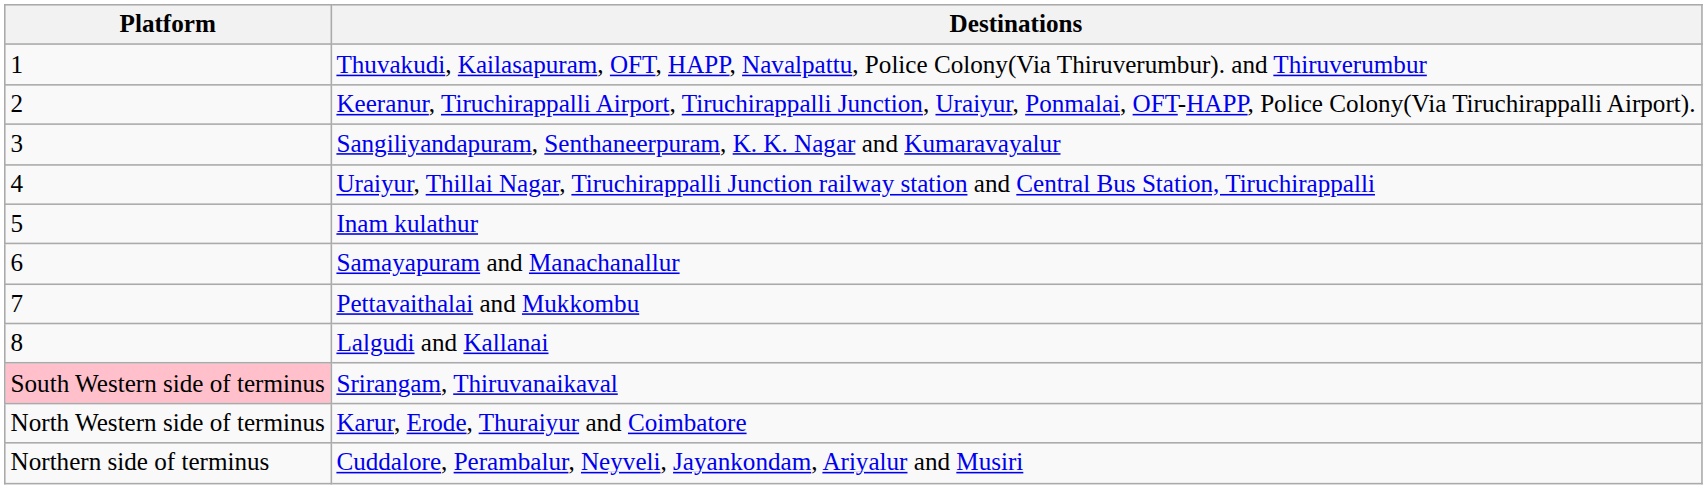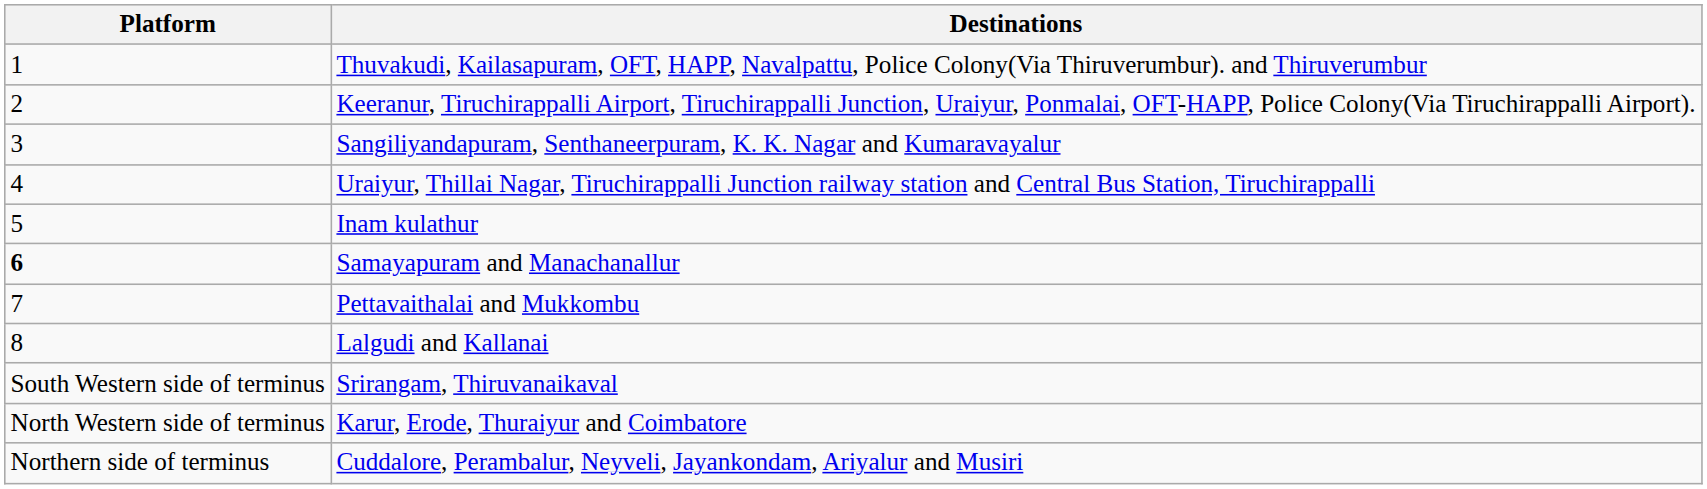 <table class ="wikitable">
 <tr>
 <th>Platform</th>
 <th>Destinations</th>
 </tr>
 <tr>
 <td>1</td>
 <td><a href='#'>Thuvakudi</a>, <a href='#'>Kailasapuram</a>, <a href='#'>OFT</a>, <a href='#'>HAPP</a>, <a href='#'>Navalpattu</a>, Police Colony(Via Thiruverumbur). and <a href='#'>Thiruverumbur</a></td>
 </tr>
 <tr>
 <td>2</td>
 <td><a href='#'>Keeranur</a>, <a href='#'>Tiruchirappalli Airport</a>, <a href='#'>Tiruchirappalli Junction</a>, <a href='#'>Uraiyur</a>, <a href='#'>Ponmalai</a>, <a href='#'>OFT</a>-<a href='#'>HAPP</a>, Police Colony(Via Tiruchirappalli Airport).</td>
 </tr>
 <tr>
 <td>3</td>
 <td><a href='#'>Sangiliyandapuram</a>, <a href='#'>Senthaneerpuram</a>, <a href='#'>K. K. Nagar</a> and <a href='#'>Kumaravayalur</a></td>
 </tr>
 <tr>
 <td>4</td>
 <td><a href='#'>Uraiyur</a>, <a href='#'>Thillai Nagar</a>, <a href='#'>Tiruchirappalli Junction railway station</a> and <a href='#'>Central Bus Station, Tiruchirappalli</a></td>
 </tr>
 <tr>
 <td>5</td>
 <td><a href='#'>Inam kulathur</a></td>
 </tr>
 <tr>
-<td>6</td>
+<td><strong>6</strong></td>
 <td><a href='#'>Samayapuram</a> and <a href='#'>Manachanallur</a></td>
 </tr>
 <tr>
 <td>7</td>
 <td><a href='#'>Pettavaithalai</a> and <a href='#'>Mukkombu</a></td>
 </tr>
 <tr>
 <td>8</td>
 <td><a href='#'>Lalgudi</a> and <a href='#'>Kallanai</a></td>
 </tr>
 <tr>
-<td style="background: pink;">South Western side of terminus</td>
+<td>South Western side of terminus</td>
 <td><a href='#'>Srirangam</a>, <a href='#'>Thiruvanaikaval</a></td>
 </tr>
 <tr>
 <td>North Western side of terminus</td>
 <td><a href='#'>Karur</a>, <a href='#'>Erode</a>, <a href='#'>Thuraiyur</a> and <a href='#'>Coimbatore</a></td>
 </tr>
 <tr>
 <td>Northern side of terminus</td>
 <td><a href='#'>Cuddalore</a>, <a href='#'>Perambalur</a>, <a href='#'>Neyveli</a>, <a href='#'>Jayankondam</a>, <a href='#'>Ariyalur</a> and <a href='#'>Musiri</a></td>
 </tr>
 </table>
